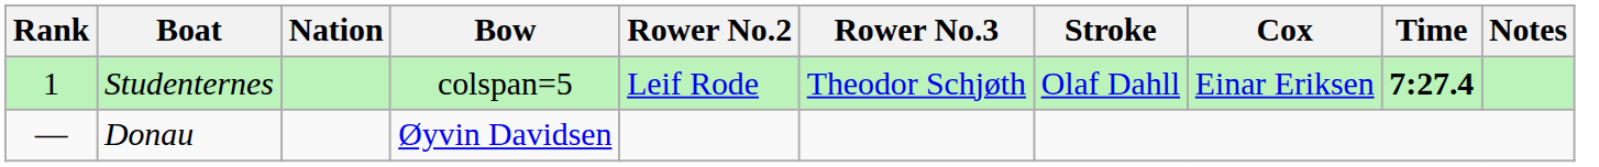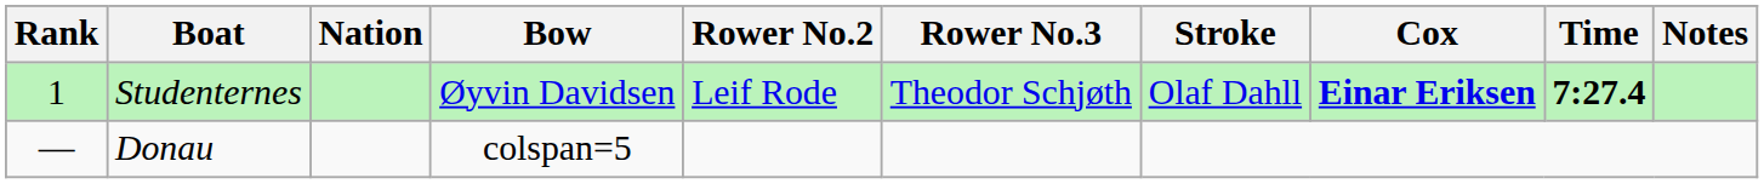 <table class="wikitable sortable" style="text-align:center">
 <tr>
 <th>Rank</th>
 <th>Boat</th>
 <th>Nation</th>
 <th>Bow</th>
 <th>Rower No.2</th>
 <th>Rower No.3</th>
 <th>Stroke</th>
 <th>Cox</th>
 <th>Time</th>
 <th>Notes</th>
 </tr>
 <tr bgcolor=bbf3bb>
 <td>1</td>
 <td align=left><em>Studenternes</em></td>
 <td align=left></td>
-<td>colspan=5 </td>
+<td align=left><a href='#'>Øyvin Davidsen</a></td>
 <td align=left><a href='#'>Leif Rode</a></td>
 <td align=left><a href='#'>Theodor Schjøth</a></td>
 <td align=left><a href='#'>Olaf Dahll</a></td>
-<td align=left><a href='#'>Einar Eriksen</a></td>
+<td align=left><strong><a href='#'>Einar Eriksen</a></strong></td>
 <td><strong>7:27.4</strong></td>
 <td></td>
 </tr>
 <tr>
 <td data-sort-value=2>—</td>
 <td align=left><em>Donau</em></td>
 <td align=left></td>
-<td align=left><a href='#'>Øyvin Davidsen</a></td>
+<td>colspan=5 </td>
 <td data-sort-value=9:99.9></td>
 <td></td>
 </tr>
 </table>
